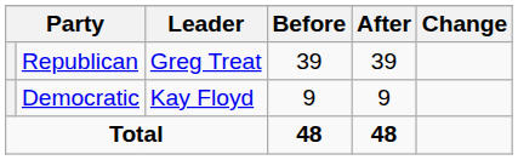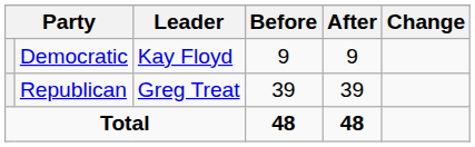 <table class="wikitable" style="text-align:center;">
 <tr>
 </tr>
 <tr>
 <th colspan=2>Party</th>
 <th>Leader</th>
 <th>Before</th>
 <th>After</th>
 <th>Change</th>
 </tr>
 <tr>
 <th style="background-color:"></th>
+<td style="text-align:left;"><a href='#'>Democratic</a></td>
+<td style="text-align:left;"><a href='#'>Kay Floyd</a></td>
+<td>9</td>
+<td>9</td>
+<td></td>
+</tr>
+<tr>
+<th style="background-color:"></th>
 <td style="text-align:left;"><a href='#'>Republican</a></td>
 <td style="text-align:left;"><a href='#'>Greg Treat</a></td>
 <td>39</td>
 <td>39</td>
-<td></td>
-</tr>
-<tr>
-<th style="background-color:"></th>
-<td style="text-align:left;"><a href='#'>Democratic</a></td>
-<td style="text-align:left;"><a href='#'>Kay Floyd</a></td>
-<td>9</td>
-<td>9</td>
 <td></td>
 </tr>
 <tr>
 <td colspan=3><strong>Total</strong></td>
 <td><strong>48</strong></td>
 <td><strong>48</strong></td>
 <td></td>
 </tr>
 </table>
